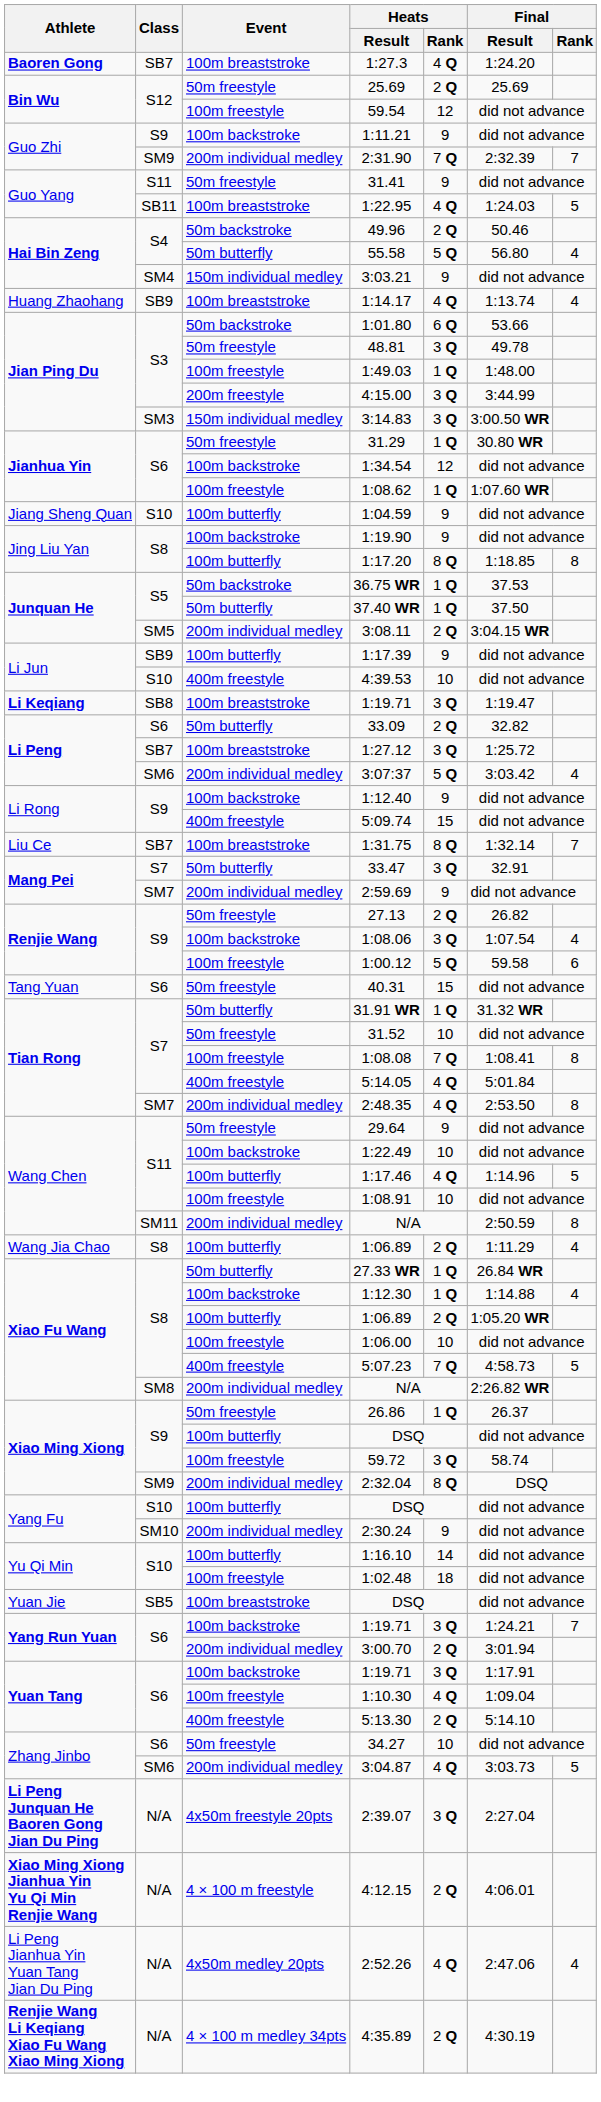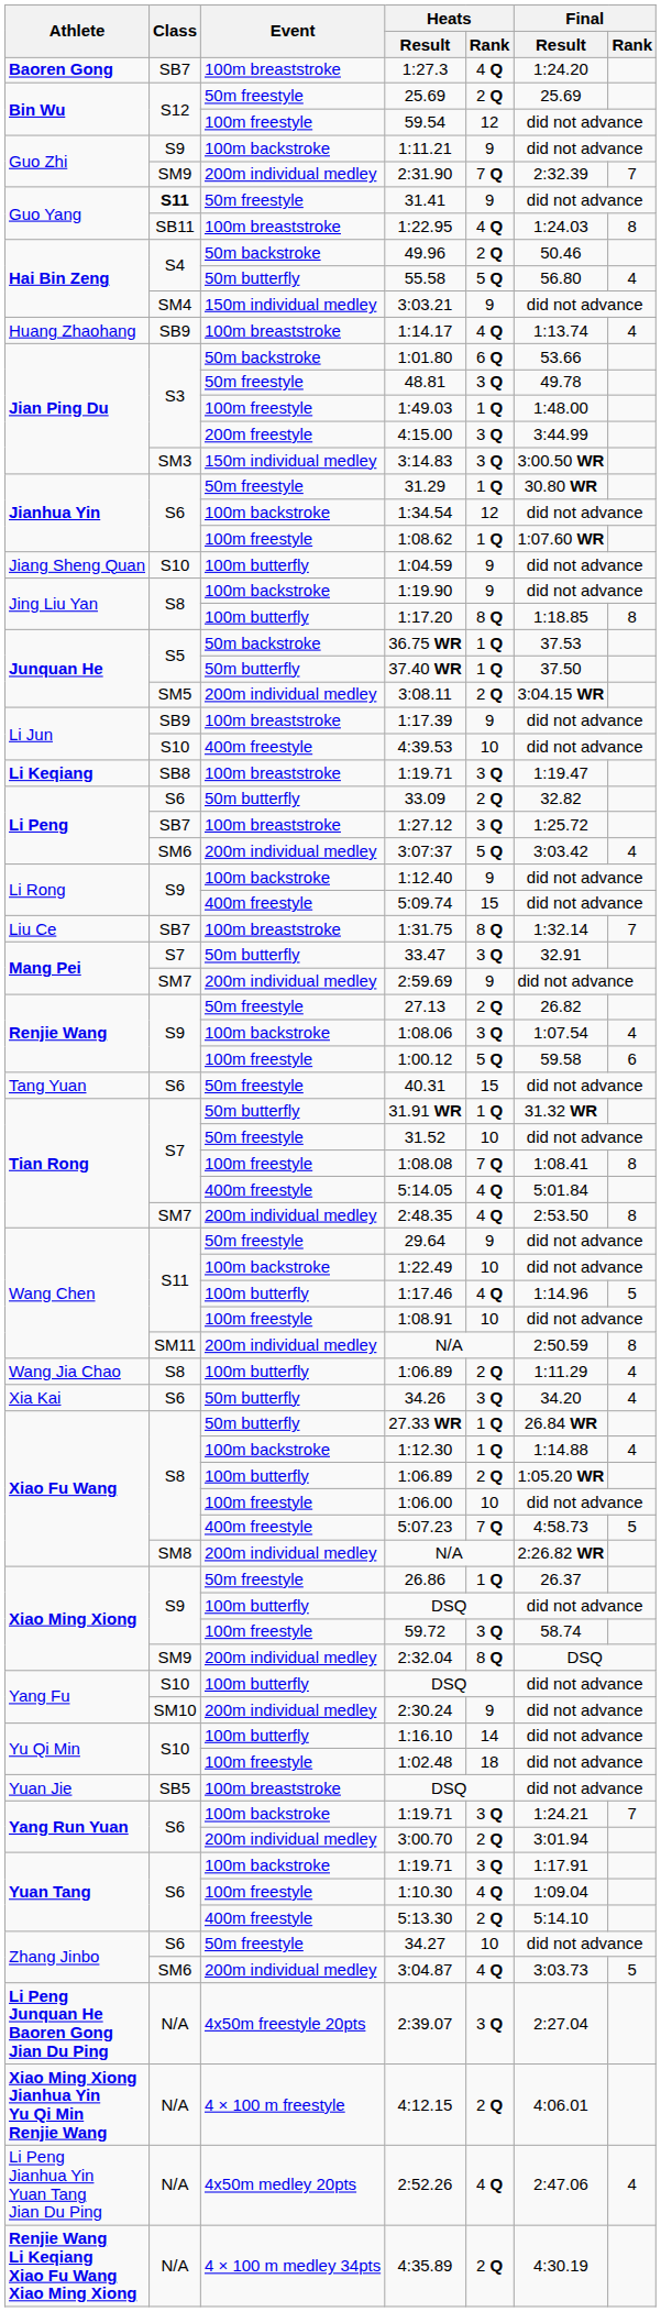 <table class=wikitable style="font-size:90%">
 <tr>
 <th rowspan="2">Athlete</th>
 <th rowspan="2">Class</th>
 <th rowspan="2">Event</th>
 <th colspan="2">Heats</th>
 <th colspan="2">Final</th>
 </tr>
 <tr>
 <th>Result</th>
 <th>Rank</th>
 <th>Result</th>
 <th>Rank</th>
 </tr>
 <tr>
 <td><strong><a href='#'>Baoren Gong</a></strong></td>
 <td style="text-align:center;">SB7</td>
 <td><a href='#'>100m breaststroke</a></td>
 <td style="text-align:center;">1:27.3</td>
 <td style="text-align:center;">4 <strong>Q</strong></td>
 <td style="text-align:center;">1:24.20</td>
 <td style="text-align:center;"></td>
 </tr>
 <tr>
 <td rowspan="2"><strong><a href='#'>Bin Wu</a></strong></td>
 <td rowspan="2" style="text-align:center;">S12</td>
 <td><a href='#'>50m freestyle</a></td>
 <td style="text-align:center;">25.69</td>
 <td style="text-align:center;">2 <strong>Q</strong></td>
 <td style="text-align:center;">25.69</td>
 <td style="text-align:center;"></td>
 </tr>
 <tr>
 <td><a href='#'>100m freestyle</a></td>
 <td style="text-align:center;">59.54</td>
 <td style="text-align:center;">12</td>
 <td style="text-align:center;" colspan="2">did not advance</td>
 </tr>
 <tr>
 <td rowspan="2"><a href='#'>Guo Zhi</a></td>
 <td style="text-align:center;">S9</td>
 <td><a href='#'>100m backstroke</a></td>
 <td style="text-align:center;">1:11.21</td>
 <td style="text-align:center;">9</td>
 <td style="text-align:center;" colspan="2">did not advance</td>
 </tr>
 <tr>
 <td style="text-align:center;">SM9</td>
 <td><a href='#'>200m individual medley</a></td>
 <td style="text-align:center;">2:31.90</td>
 <td style="text-align:center;">7 <strong>Q</strong></td>
 <td style="text-align:center;">2:32.39</td>
 <td style="text-align:center;">7</td>
 </tr>
 <tr>
 <td rowspan="2"><a href='#'>Guo Yang</a></td>
-<td style="text-align:center;">S11</td>
+<td style="text-align:center;"><strong>S11</strong></td>
 <td><a href='#'>50m freestyle</a></td>
 <td style="text-align:center;">31.41</td>
 <td style="text-align:center;">9</td>
 <td style="text-align:center;" colspan="2">did not advance</td>
 </tr>
 <tr>
 <td style="text-align:center;">SB11</td>
 <td><a href='#'>100m breaststroke</a></td>
 <td style="text-align:center;">1:22.95</td>
 <td style="text-align:center;">4 <strong>Q</strong></td>
 <td style="text-align:center;">1:24.03</td>
-<td style="text-align:center;">5</td>
+<td style="text-align:center;">8</td>
 </tr>
 <tr>
 <td rowspan="3"><strong><a href='#'>Hai Bin Zeng</a></strong></td>
 <td rowspan="2" style="text-align:center;">S4</td>
 <td><a href='#'>50m backstroke</a></td>
 <td style="text-align:center;">49.96</td>
 <td style="text-align:center;">2 <strong>Q</strong></td>
 <td style="text-align:center;">50.46</td>
 <td style="text-align:center;"></td>
 </tr>
 <tr>
 <td><a href='#'>50m butterfly</a></td>
 <td style="text-align:center;">55.58</td>
 <td style="text-align:center;">5 <strong>Q</strong></td>
 <td style="text-align:center;">56.80</td>
 <td style="text-align:center;">4</td>
 </tr>
 <tr>
 <td style="text-align:center;">SM4</td>
 <td><a href='#'>150m individual medley</a></td>
 <td style="text-align:center;">3:03.21</td>
 <td style="text-align:center;">9</td>
 <td style="text-align:center;" colspan="2">did not advance</td>
 </tr>
 <tr>
 <td><a href='#'>Huang Zhaohang</a></td>
 <td style="text-align:center;">SB9</td>
 <td><a href='#'>100m breaststroke</a></td>
 <td style="text-align:center;">1:14.17</td>
 <td style="text-align:center;">4 <strong>Q</strong></td>
 <td style="text-align:center;">1:13.74</td>
 <td style="text-align:center;">4</td>
 </tr>
 <tr>
 <td rowspan="5"><strong><a href='#'>Jian Ping Du</a></strong></td>
 <td rowspan="4" style="text-align:center;">S3</td>
 <td><a href='#'>50m backstroke</a></td>
 <td style="text-align:center;">1:01.80</td>
 <td style="text-align:center;">6 <strong>Q</strong></td>
 <td style="text-align:center;">53.66</td>
 <td style="text-align:center;"></td>
 </tr>
 <tr>
 <td><a href='#'>50m freestyle</a></td>
 <td style="text-align:center;">48.81</td>
 <td style="text-align:center;">3 <strong>Q</strong></td>
 <td style="text-align:center;">49.78</td>
 <td style="text-align:center;"></td>
 </tr>
 <tr>
 <td><a href='#'>100m freestyle</a></td>
 <td style="text-align:center;">1:49.03</td>
 <td style="text-align:center;">1 <strong>Q</strong></td>
 <td style="text-align:center;">1:48.00</td>
 <td style="text-align:center;"></td>
 </tr>
 <tr>
 <td><a href='#'>200m freestyle</a></td>
 <td style="text-align:center;">4:15.00</td>
 <td style="text-align:center;">3 <strong>Q</strong></td>
 <td style="text-align:center;">3:44.99</td>
 <td style="text-align:center;"></td>
 </tr>
 <tr>
 <td style="text-align:center;">SM3</td>
 <td><a href='#'>150m individual medley</a></td>
 <td style="text-align:center;">3:14.83</td>
 <td style="text-align:center;">3 <strong>Q</strong></td>
 <td style="text-align:center;">3:00.50 <strong>WR</strong></td>
 <td style="text-align:center;"></td>
 </tr>
 <tr>
 <td rowspan="3"><strong><a href='#'>Jianhua Yin</a></strong></td>
 <td rowspan="3" style="text-align:center;">S6</td>
 <td><a href='#'>50m freestyle</a></td>
 <td style="text-align:center;">31.29</td>
 <td style="text-align:center;">1 <strong>Q</strong></td>
 <td style="text-align:center;">30.80 <strong>WR</strong></td>
 <td style="text-align:center;"></td>
 </tr>
 <tr>
 <td><a href='#'>100m backstroke</a></td>
 <td style="text-align:center;">1:34.54</td>
 <td style="text-align:center;">12</td>
 <td style="text-align:center;" colspan="2">did not advance</td>
 </tr>
 <tr>
 <td><a href='#'>100m freestyle</a></td>
 <td style="text-align:center;">1:08.62</td>
 <td style="text-align:center;">1 <strong>Q</strong></td>
 <td style="text-align:center;">1:07.60 <strong>WR</strong></td>
 <td style="text-align:center;"></td>
 </tr>
 <tr>
 <td><a href='#'>Jiang Sheng Quan</a></td>
 <td style="text-align:center;">S10</td>
 <td><a href='#'>100m butterfly</a></td>
 <td style="text-align:center;">1:04.59</td>
 <td style="text-align:center;">9</td>
 <td style="text-align:center;" colspan="2">did not advance</td>
 </tr>
 <tr>
 <td rowspan="2"><a href='#'>Jing Liu Yan</a></td>
 <td rowspan="2" style="text-align:center;">S8</td>
 <td><a href='#'>100m backstroke</a></td>
 <td style="text-align:center;">1:19.90</td>
 <td style="text-align:center;">9</td>
 <td style="text-align:center;" colspan="2">did not advance</td>
 </tr>
 <tr>
 <td><a href='#'>100m butterfly</a></td>
 <td style="text-align:center;">1:17.20</td>
 <td style="text-align:center;">8 <strong>Q</strong></td>
 <td style="text-align:center;">1:18.85</td>
 <td style="text-align:center;">8</td>
 </tr>
 <tr>
 <td rowspan="3"><strong><a href='#'>Junquan He</a></strong></td>
 <td rowspan="2" style="text-align:center;">S5</td>
 <td><a href='#'>50m backstroke</a></td>
 <td style="text-align:center;">36.75 <strong>WR</strong></td>
 <td style="text-align:center;">1 <strong>Q</strong></td>
 <td style="text-align:center;">37.53</td>
 <td style="text-align:center;"></td>
 </tr>
 <tr>
 <td><a href='#'>50m butterfly</a></td>
 <td style="text-align:center;">37.40 <strong>WR</strong></td>
 <td style="text-align:center;">1 <strong>Q</strong></td>
 <td style="text-align:center;">37.50</td>
 <td style="text-align:center;"></td>
 </tr>
 <tr>
 <td style="text-align:center;">SM5</td>
 <td><a href='#'>200m individual medley</a></td>
 <td style="text-align:center;">3:08.11</td>
 <td style="text-align:center;">2 <strong>Q</strong></td>
 <td style="text-align:center;">3:04.15 <strong>WR</strong></td>
 <td style="text-align:center;"></td>
 </tr>
 <tr>
 <td rowspan="2"><a href='#'>Li Jun</a></td>
 <td style="text-align:center;">SB9</td>
-<td><a href='#'>100m butterfly</a></td>
+<td><a href='#'>100m breaststroke</a></td>
 <td style="text-align:center;">1:17.39</td>
 <td style="text-align:center;">9</td>
 <td style="text-align:center;" colspan="2">did not advance</td>
 </tr>
 <tr>
 <td style="text-align:center;">S10</td>
 <td><a href='#'>400m freestyle</a></td>
 <td style="text-align:center;">4:39.53</td>
 <td style="text-align:center;">10</td>
 <td style="text-align:center;" colspan="2">did not advance</td>
 </tr>
 <tr>
 <td><strong><a href='#'>Li Keqiang</a></strong></td>
 <td style="text-align:center;">SB8</td>
 <td><a href='#'>100m breaststroke</a></td>
 <td style="text-align:center;">1:19.71</td>
 <td style="text-align:center;">3 <strong>Q</strong></td>
 <td style="text-align:center;">1:19.47</td>
 <td style="text-align:center;"></td>
 </tr>
 <tr>
 <td rowspan="3"><strong><a href='#'>Li Peng</a></strong></td>
 <td style="text-align:center;">S6</td>
 <td><a href='#'>50m butterfly</a></td>
 <td style="text-align:center;">33.09</td>
 <td style="text-align:center;">2 <strong>Q</strong></td>
 <td style="text-align:center;">32.82</td>
 <td style="text-align:center;"></td>
 </tr>
 <tr>
 <td style="text-align:center;">SB7</td>
 <td><a href='#'>100m breaststroke</a></td>
 <td style="text-align:center;">1:27.12</td>
 <td style="text-align:center;">3 <strong>Q</strong></td>
 <td style="text-align:center;">1:25.72</td>
 <td style="text-align:center;"></td>
 </tr>
 <tr>
 <td style="text-align:center;">SM6</td>
 <td><a href='#'>200m individual medley</a></td>
 <td style="text-align:center;">3:07:37</td>
 <td style="text-align:center;">5 <strong>Q</strong></td>
 <td style="text-align:center;">3:03.42</td>
 <td style="text-align:center;">4</td>
 </tr>
 <tr>
 <td rowspan="2"><a href='#'>Li Rong</a></td>
 <td rowspan="2" style="text-align:center;">S9</td>
 <td><a href='#'>100m backstroke</a></td>
 <td style="text-align:center;">1:12.40</td>
 <td style="text-align:center;">9</td>
 <td style="text-align:center;" colspan="2">did not advance</td>
 </tr>
 <tr>
 <td><a href='#'>400m freestyle</a></td>
 <td style="text-align:center;">5:09.74</td>
 <td style="text-align:center;">15</td>
 <td style="text-align:center;" colspan="2">did not advance</td>
 </tr>
 <tr>
 <td><a href='#'>Liu Ce</a></td>
 <td style="text-align:center;">SB7</td>
 <td><a href='#'>100m breaststroke</a></td>
 <td style="text-align:center;">1:31.75</td>
 <td style="text-align:center;">8 <strong>Q</strong></td>
 <td style="text-align:center;">1:32.14</td>
 <td style="text-align:center;">7</td>
 </tr>
 <tr>
 <td rowspan="2"><strong><a href='#'>Mang Pei</a></strong></td>
 <td style="text-align:center;">S7</td>
 <td><a href='#'>50m butterfly</a></td>
 <td style="text-align:center;">33.47</td>
 <td style="text-align:center;">3 <strong>Q</strong></td>
 <td style="text-align:center;">32.91</td>
 <td style="text-align:center;"></td>
 </tr>
 <tr>
 <td style="text-align:center;">SM7</td>
 <td><a href='#'>200m individual medley</a></td>
 <td style="text-align:center;">2:59.69</td>
 <td style="text-align:center;">9</td>
 <td style="text-align:centet;" colspan="2">did not advance</td>
 </tr>
 <tr>
 <td rowspan="3"><strong><a href='#'>Renjie Wang</a></strong></td>
 <td rowspan="3" style="text-align:center;">S9</td>
 <td><a href='#'>50m freestyle</a></td>
 <td style="text-align:center;">27.13</td>
 <td style="text-align:center;">2 <strong>Q</strong></td>
 <td style="text-align:center;">26.82</td>
 <td style="text-align:center;"></td>
 </tr>
 <tr>
 <td><a href='#'>100m backstroke</a></td>
 <td style="text-align:center;">1:08.06</td>
 <td style="text-align:center;">3 <strong>Q</strong></td>
 <td style="text-align:center;">1:07.54</td>
 <td style="text-align:center;">4</td>
 </tr>
 <tr>
 <td><a href='#'>100m freestyle</a></td>
 <td style="text-align:center;">1:00.12</td>
 <td style="text-align:center;">5 <strong>Q</strong></td>
 <td style="text-align:center;">59.58</td>
 <td style="text-align:center;">6</td>
 </tr>
 <tr>
 <td><a href='#'>Tang Yuan</a></td>
 <td style="text-align:center;">S6</td>
 <td><a href='#'>50m freestyle</a></td>
 <td style="text-align:center;">40.31</td>
 <td style="text-align:center;">15</td>
 <td style="text-align:center;" colspan="2">did not advance</td>
 </tr>
 <tr>
 <td rowspan="5"><strong><a href='#'>Tian Rong</a></strong></td>
 <td rowspan="4" style="text-align:center;">S7</td>
 <td><a href='#'>50m butterfly</a></td>
 <td style="text-align:center;">31.91 <strong>WR</strong></td>
 <td style="text-align:center;">1 <strong>Q</strong></td>
 <td style="text-align:center;">31.32 <strong>WR</strong></td>
 <td style="text-align:center;"></td>
 </tr>
 <tr>
 <td><a href='#'>50m freestyle</a></td>
 <td style="text-align:center;">31.52</td>
 <td style="text-align:center;">10</td>
 <td style="text-align:center;" colspan="2">did not advance</td>
 </tr>
 <tr>
 <td><a href='#'>100m freestyle</a></td>
 <td style="text-align:center;">1:08.08</td>
 <td style="text-align:center;">7 <strong>Q</strong></td>
 <td style="text-align:center;">1:08.41</td>
 <td style="text-align:center;">8</td>
 </tr>
 <tr>
 <td><a href='#'>400m freestyle</a></td>
 <td style="text-align:center;">5:14.05</td>
 <td style="text-align:center;">4 <strong>Q</strong></td>
 <td style="text-align:center;">5:01.84</td>
 <td style="text-align:center;"></td>
 </tr>
 <tr>
 <td style="text-align:center;">SM7</td>
 <td><a href='#'>200m individual medley</a></td>
 <td style="text-align:center;">2:48.35</td>
 <td style="text-align:center;">4 <strong>Q</strong></td>
 <td style="text-align:center;">2:53.50</td>
 <td style="text-align:center;">8</td>
 </tr>
 <tr>
 <td rowspan="5"><a href='#'>Wang Chen</a></td>
 <td rowspan="4" style="text-align:center;">S11</td>
 <td><a href='#'>50m freestyle</a></td>
 <td style="text-align:center;">29.64</td>
 <td style="text-align:center;">9</td>
 <td style="text-align:center;" colspan="2">did not advance</td>
 </tr>
 <tr>
 <td><a href='#'>100m backstroke</a></td>
 <td style="text-align:center;">1:22.49</td>
 <td style="text-align:center;">10</td>
 <td style="text-align:center;" colspan="2">did not advance</td>
 </tr>
 <tr>
 <td><a href='#'>100m butterfly</a></td>
 <td style="text-align:center;">1:17.46</td>
 <td style="text-align:center;">4 <strong>Q</strong></td>
 <td style="text-align:center;">1:14.96</td>
 <td style="text-align:center;">5</td>
 </tr>
 <tr>
 <td><a href='#'>100m freestyle</a></td>
 <td style="text-align:center;">1:08.91</td>
 <td style="text-align:center;">10</td>
 <td style="text-align:center;" colspan="2">did not advance</td>
 </tr>
 <tr>
 <td style="text-align:center;">SM11</td>
 <td><a href='#'>200m individual medley</a></td>
 <td style="text-align:center;" colspan="2">N/A</td>
 <td style="text-align:center;">2:50.59</td>
 <td style="text-align:center;">8</td>
 </tr>
 <tr>
 <td><a href='#'>Wang Jia Chao</a></td>
 <td style="text-align:center;">S8</td>
 <td><a href='#'>100m butterfly</a></td>
 <td style="text-align:center;">1:06.89</td>
 <td style="text-align:center;">2 <strong>Q</strong></td>
 <td style="text-align:center;">1:11.29</td>
+<td style="text-align:center;">4</td>
+</tr>
+<tr>
+<td><a href='#'>Xia Kai</a></td>
+<td style="text-align:center;">S6</td>
+<td><a href='#'>50m butterfly</a></td>
+<td style="text-align:center;">34.26</td>
+<td style="text-align:center;">3 <strong>Q</strong></td>
+<td style="text-align:center;">34.20</td>
 <td style="text-align:center;">4</td>
 </tr>
 <tr>
 <td rowspan="6"><strong><a href='#'>Xiao Fu Wang</a></strong></td>
 <td rowspan="5" style="text-align:center;">S8</td>
 <td><a href='#'>50m butterfly</a></td>
 <td style="text-align:center;">27.33 <strong>WR</strong></td>
 <td style="text-align:center;">1 <strong>Q</strong></td>
 <td style="text-align:center;">26.84 <strong>WR</strong></td>
 <td style="text-align:center;"></td>
 </tr>
 <tr>
 <td><a href='#'>100m backstroke</a></td>
 <td style="text-align:center;">1:12.30</td>
 <td style="text-align:center;">1 <strong>Q</strong></td>
 <td style="text-align:center;">1:14.88</td>
 <td style="text-align:center;">4</td>
 </tr>
 <tr>
 <td><a href='#'>100m butterfly</a></td>
 <td style="text-align:center;">1:06.89</td>
 <td style="text-align:center;">2 <strong>Q</strong></td>
 <td style="text-align:center;">1:05.20 <strong>WR</strong></td>
 <td style="text-align:center;"></td>
 </tr>
 <tr>
 <td><a href='#'>100m freestyle</a></td>
 <td style="text-align:center;">1:06.00</td>
 <td style="text-align:center;">10</td>
 <td style="text-align:center;" colspan="2">did not advance</td>
 </tr>
 <tr>
 <td><a href='#'>400m freestyle</a></td>
 <td style="text-align:center;">5:07.23</td>
 <td style="text-align:center;">7 <strong>Q</strong></td>
 <td style="text-align:center;">4:58.73</td>
 <td style="text-align:center;">5</td>
 </tr>
 <tr>
 <td style="text-align:center;">SM8</td>
 <td><a href='#'>200m individual medley</a></td>
 <td style="text-align:center;" colspan="2">N/A</td>
 <td style="text-align:center;">2:26.82 <strong>WR</strong></td>
 <td style="text-align:center;"></td>
 </tr>
 <tr>
 <td rowspan="4"><strong><a href='#'>Xiao Ming Xiong</a></strong></td>
 <td rowspan="3" style="text-align:center;">S9</td>
 <td><a href='#'>50m freestyle</a></td>
 <td style="text-align:center;">26.86</td>
 <td style="text-align:center;">1 <strong>Q</strong></td>
 <td style="text-align:center;">26.37</td>
 <td style="text-align:center;"></td>
 </tr>
 <tr>
 <td><a href='#'>100m butterfly</a></td>
 <td style="text-align:center;" colspan="2">DSQ</td>
 <td style="text-align:center;" colspan="2">did not advance</td>
 </tr>
 <tr>
 <td><a href='#'>100m freestyle</a></td>
 <td style="text-align:center;">59.72</td>
 <td style="text-align:center;">3 <strong>Q</strong></td>
 <td style="text-align:center;">58.74</td>
 <td style="text-align:center;"></td>
 </tr>
 <tr>
 <td style="text-align:center;">SM9</td>
 <td><a href='#'>200m individual medley</a></td>
 <td style="text-align:center;">2:32.04</td>
 <td style="text-align:center;">8 <strong>Q</strong></td>
 <td style="text-align:center;" colspan="2">DSQ</td>
 </tr>
 <tr>
 <td rowspan="2"><a href='#'>Yang Fu</a></td>
 <td style="text-align:center;">S10</td>
 <td><a href='#'>100m butterfly</a></td>
 <td style="text-align:center;" colspan="2">DSQ</td>
 <td style="text-align:center;" colspan="2">did not advance</td>
 </tr>
 <tr>
 <td style="text-align:center;">SM10</td>
 <td><a href='#'>200m individual medley</a></td>
 <td style="text-align:center;">2:30.24</td>
 <td style="text-align:center;">9</td>
 <td style="text-align:center;" colspan="2">did not advance</td>
 </tr>
 <tr>
 <td rowspan="2"><a href='#'>Yu Qi Min</a></td>
 <td rowspan="2" style="text-align:center;">S10</td>
 <td><a href='#'>100m butterfly</a></td>
 <td style="text-align:center;">1:16.10</td>
 <td style="text-align:center;">14</td>
 <td style="text-align:center;" colspan="2">did not advance</td>
 </tr>
 <tr>
 <td><a href='#'>100m freestyle</a></td>
 <td style="text-align:center;">1:02.48</td>
 <td style="text-align:center;">18</td>
 <td style="text-align:center;" colspan="2">did not advance</td>
 </tr>
 <tr>
 <td><a href='#'>Yuan Jie</a></td>
 <td style="text-align:center;">SB5</td>
 <td><a href='#'>100m breaststroke</a></td>
 <td style="text-align:center;" colspan="2">DSQ</td>
 <td style="text-align:center;" colspan="2">did not advance</td>
 </tr>
 <tr>
 <td rowspan="2"><strong><a href='#'>Yang Run Yuan</a></strong></td>
 <td rowspan="2" style="text-align:center;">S6</td>
 <td><a href='#'>100m backstroke</a></td>
 <td style="text-align:center;">1:19.71</td>
 <td style="text-align:center;">3 <strong>Q</strong></td>
 <td style="text-align:center;">1:24.21</td>
 <td style="text-align:center;">7</td>
 </tr>
 <tr>
 <td><a href='#'>200m individual medley</a></td>
 <td style="text-align:center;">3:00.70</td>
 <td style="text-align:center;">2 <strong>Q</strong></td>
 <td style="text-align:center;">3:01.94</td>
 <td style="text-align:center;"></td>
 </tr>
 <tr>
 <td rowspan="3"><strong><a href='#'>Yuan Tang</a></strong></td>
 <td rowspan="3" style="text-align:center;">S6</td>
 <td><a href='#'>100m backstroke</a></td>
 <td style="text-align:center;">1:19.71</td>
 <td style="text-align:center;">3 <strong>Q</strong></td>
 <td style="text-align:center;">1:17.91</td>
 <td style="text-align:center;"></td>
 </tr>
 <tr>
 <td><a href='#'>100m freestyle</a></td>
 <td style="text-align:center;">1:10.30</td>
 <td style="text-align:center;">4 <strong>Q</strong></td>
 <td style="text-align:center;">1:09.04</td>
 <td style="text-align:center;"></td>
 </tr>
 <tr>
 <td><a href='#'>400m freestyle</a></td>
 <td style="text-align:center;">5:13.30</td>
 <td style="text-align:center;">2 <strong>Q</strong></td>
 <td style="text-align:center;">5:14.10</td>
 <td style="text-align:center;"></td>
 </tr>
 <tr>
 <td rowspan="2"><a href='#'>Zhang Jinbo</a></td>
 <td style="text-align:center;">S6</td>
 <td><a href='#'>50m freestyle</a></td>
 <td style="text-align:center;">34.27</td>
 <td style="text-align:center;">10</td>
 <td style="text-align:center;" colspan="2">did not advance</td>
 </tr>
 <tr>
 <td style="text-align:center;">SM6</td>
 <td><a href='#'>200m individual medley</a></td>
 <td style="text-align:center;">3:04.87</td>
 <td style="text-align:center;">4 <strong>Q</strong></td>
 <td style="text-align:center;">3:03.73</td>
 <td style="text-align:center;">5</td>
 </tr>
 <tr>
 <td><strong><a href='#'>Li Peng</a></strong><br> <strong><a href='#'>Junquan He</a></strong><br> <strong><a href='#'>Baoren Gong</a></strong><br> <strong><a href='#'>Jian Du Ping</a></strong></td>
 <td style="text-align:center;">N/A</td>
 <td><a href='#'>4x50m freestyle 20pts</a></td>
 <td style="text-align:center;">2:39.07</td>
 <td style="text-align:center;">3 <strong>Q</strong></td>
 <td style="text-align:center;">2:27.04</td>
 <td style="text-align:center;"></td>
 </tr>
 <tr>
 <td><strong><a href='#'>Xiao Ming Xiong</a></strong><br> <strong><a href='#'>Jianhua Yin</a></strong><br> <strong><a href='#'>Yu Qi Min</a></strong><br> <strong><a href='#'>Renjie Wang</a></strong></td>
 <td style="text-align:center;">N/A</td>
 <td><a href='#'>4 × 100 m freestyle</a></td>
 <td style="text-align:center;">4:12.15</td>
 <td style="text-align:center;">2 <strong>Q</strong></td>
 <td style="text-align:center;">4:06.01</td>
 <td style="text-align:center;"></td>
 </tr>
 <tr>
 <td><a href='#'>Li Peng</a><br> <a href='#'>Jianhua Yin</a><br> <a href='#'>Yuan Tang</a><br> <a href='#'>Jian Du Ping</a></td>
 <td style="text-align:center;">N/A</td>
 <td><a href='#'>4x50m medley 20pts</a></td>
 <td style="text-align:center;">2:52.26</td>
 <td style="text-align:center;">4 <strong>Q</strong></td>
 <td style="text-align:center;">2:47.06</td>
 <td style="text-align:center;">4</td>
 </tr>
 <tr>
 <td><strong><a href='#'>Renjie Wang</a></strong><br> <strong><a href='#'>Li Keqiang</a></strong><br> <strong><a href='#'>Xiao Fu Wang</a></strong><br> <strong><a href='#'>Xiao Ming Xiong</a></strong></td>
 <td style="text-align:center;">N/A</td>
 <td><a href='#'>4 × 100 m medley 34pts</a></td>
 <td style="text-align:center;">4:35.89</td>
 <td style="text-align:center;">2 <strong>Q</strong></td>
 <td style="text-align:center;">4:30.19</td>
 <td style="text-align:center;"></td>
 </tr>
 </table>
